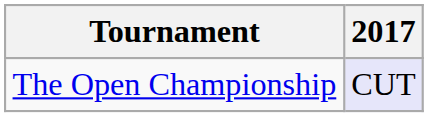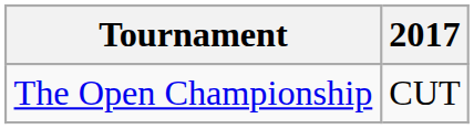 <table class="wikitable" style="font-size:95%;text-align:center;">
 <tr>
 <th>Tournament</th>
 <th>2017</th>
 </tr>
 <tr>
 <td align=left><a href='#'>The Open Championship</a></td>
-<td style="background: lavender;">CUT</td>
+<td>CUT</td>
 </tr>
 </table>
